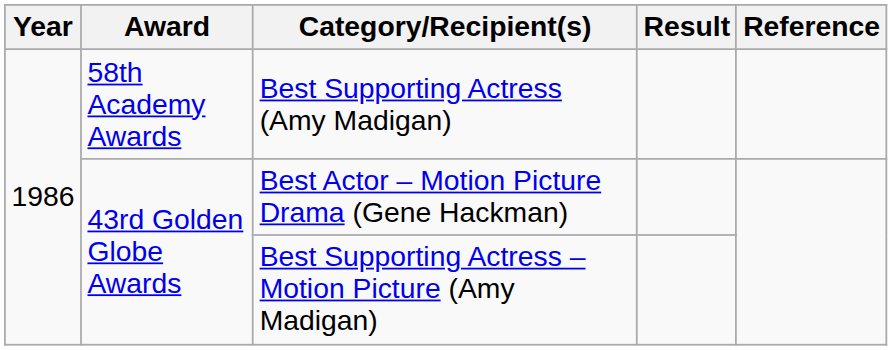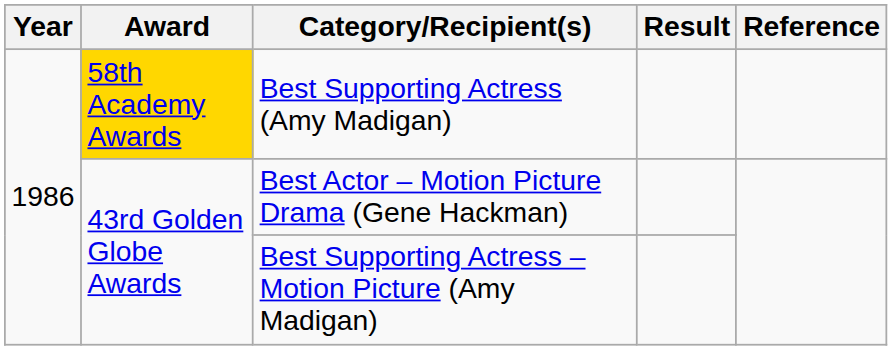 <table class="wikitable" width="80%">
 <tr>
 <th>Year</th>
 <th>Award</th>
 <th>Category/Recipient(s)</th>
 <th>Result</th>
 <th>Reference</th>
 </tr>
 <tr>
 <td rowspan="3">1986</td>
-<td><a href='#'>58th Academy Awards</a></td>
+<td style="background: gold;"><a href='#'>58th Academy Awards</a></td>
 <td><a href='#'>Best Supporting Actress</a> (Amy Madigan)</td>
 <td></td>
 <td style="text-align:center;"></td>
 </tr>
 <tr>
 <td rowspan="2"><a href='#'>43rd Golden Globe Awards</a></td>
 <td><a href='#'>Best Actor – Motion Picture Drama</a> (Gene Hackman)</td>
 <td></td>
 <td rowspan="2" style="text-align:center;"></td>
 </tr>
 <tr>
 <td><a href='#'>Best Supporting Actress – Motion Picture</a> (Amy Madigan)</td>
 <td></td>
 </tr>
 </table>
